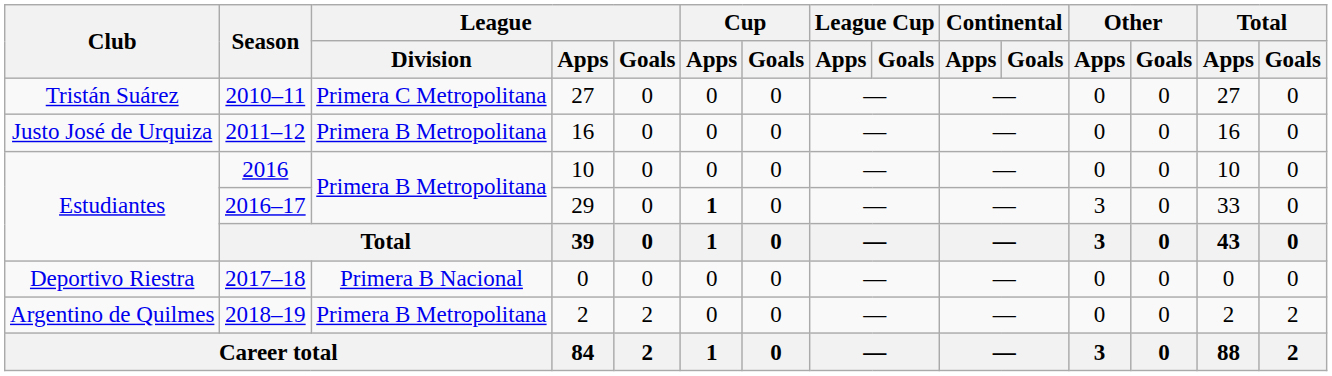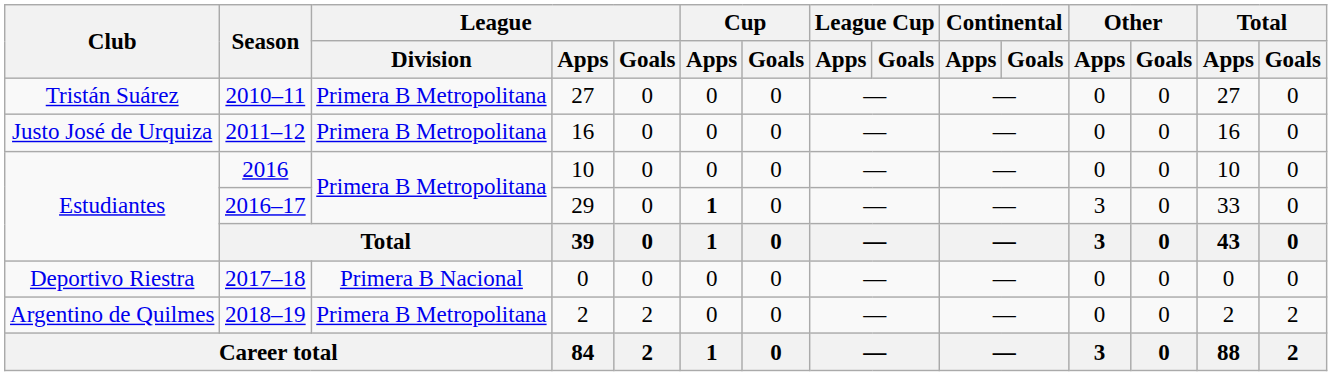 <table class="wikitable" style="text-align:center">
 <tr>
 <th rowspan="2">Club</th>
 <th rowspan="2">Season</th>
 <th colspan="3">League</th>
 <th colspan="2">Cup</th>
 <th colspan="2">League Cup</th>
 <th colspan="2">Continental</th>
 <th colspan="2">Other</th>
 <th colspan="2">Total</th>
 </tr>
 <tr>
 <th>Division</th>
 <th>Apps</th>
 <th>Goals</th>
 <th>Apps</th>
 <th>Goals</th>
 <th>Apps</th>
 <th>Goals</th>
 <th>Apps</th>
 <th>Goals</th>
 <th>Apps</th>
 <th>Goals</th>
 <th>Apps</th>
 <th>Goals</th>
 </tr>
 <tr>
 <td rowspan="1"><a href='#'>Tristán Suárez</a></td>
 <td><a href='#'>2010–11</a></td>
-<td rowspan="1"><a href='#'>Primera C Metropolitana</a></td>
+<td rowspan="1"><a href='#'>Primera B Metropolitana</a></td>
 <td>27</td>
 <td>0</td>
 <td>0</td>
 <td>0</td>
 <td colspan="2">—</td>
 <td colspan="2">—</td>
 <td>0</td>
 <td>0</td>
 <td>27</td>
 <td>0</td>
 </tr>
 <tr>
 <td rowspan="1"><a href='#'>Justo José de Urquiza</a></td>
 <td><a href='#'>2011–12</a></td>
 <td rowspan="1"><a href='#'>Primera B Metropolitana</a></td>
 <td>16</td>
 <td>0</td>
 <td>0</td>
 <td>0</td>
 <td colspan="2">—</td>
 <td colspan="2">—</td>
 <td>0</td>
 <td>0</td>
 <td>16</td>
 <td>0</td>
 </tr>
 <tr>
 <td rowspan="3"><a href='#'>Estudiantes</a></td>
 <td><a href='#'>2016</a></td>
 <td rowspan="2"><a href='#'>Primera B Metropolitana</a></td>
 <td>10</td>
 <td>0</td>
 <td>0</td>
 <td>0</td>
 <td colspan="2">—</td>
 <td colspan="2">—</td>
 <td>0</td>
 <td>0</td>
 <td>10</td>
 <td>0</td>
 </tr>
 <tr>
 <td><a href='#'>2016–17</a></td>
 <td>29</td>
 <td>0</td>
 <td><strong>1</strong></td>
 <td>0</td>
 <td colspan="2">—</td>
 <td colspan="2">—</td>
 <td>3</td>
 <td>0</td>
 <td>33</td>
 <td>0</td>
 </tr>
 <tr>
 <th colspan="2">Total</th>
 <th>39</th>
 <th>0</th>
 <th>1</th>
 <th>0</th>
 <th colspan="2">—</th>
 <th colspan="2">—</th>
 <th>3</th>
 <th>0</th>
 <th>43</th>
 <th>0</th>
 </tr>
 <tr>
 <td rowspan="1"><a href='#'>Deportivo Riestra</a></td>
 <td><a href='#'>2017–18</a></td>
 <td rowspan="1"><a href='#'>Primera B Nacional</a></td>
 <td>0</td>
 <td>0</td>
 <td>0</td>
 <td>0</td>
 <td colspan="2">—</td>
 <td colspan="2">—</td>
 <td>0</td>
 <td>0</td>
 <td>0</td>
 <td>0</td>
 </tr>
 <tr>
 <td rowspan="1"><a href='#'>Argentino de Quilmes</a></td>
 <td><a href='#'>2018–19</a></td>
 <td rowspan="1"><a href='#'>Primera B Metropolitana</a></td>
 <td>2</td>
 <td>2</td>
 <td>0</td>
 <td>0</td>
 <td colspan="2">—</td>
 <td colspan="2">—</td>
 <td>0</td>
 <td>0</td>
 <td>2</td>
 <td>2</td>
 </tr>
 <tr>
 <th colspan="3">Career total</th>
 <th>84</th>
 <th>2</th>
 <th>1</th>
 <th>0</th>
 <th colspan="2">—</th>
 <th colspan="2">—</th>
 <th>3</th>
 <th>0</th>
 <th>88</th>
 <th>2</th>
 </tr>
 </table>
